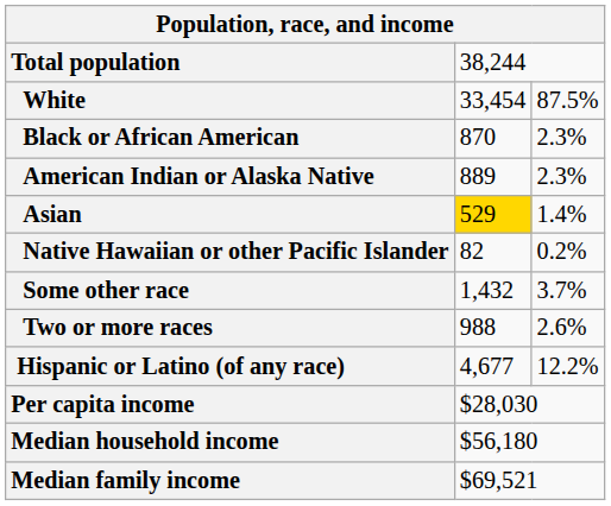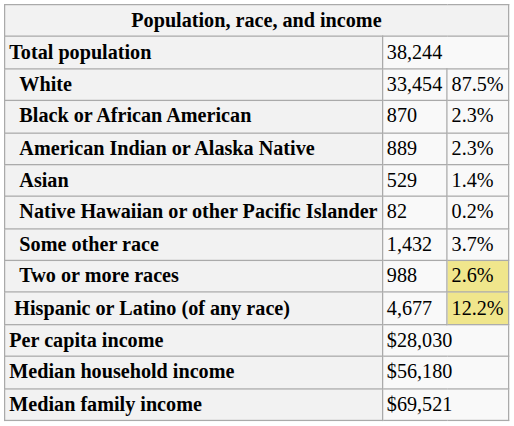 <table class="wikitable collapsible collapsed">
 <tr>
 <th colspan="6">Population, race, and income</th>
 </tr>
 <tr>
 <th scope="row" style="text-align: left;">Total population</th>
 <td colspan="2">38,244</td>
 </tr>
 <tr>
 <th scope="row" style="text-align: left;">  White</th>
 <td>33,454</td>
 <td>87.5%</td>
 </tr>
 <tr>
 <th scope="row" style="text-align: left;">  Black or African American</th>
 <td>870</td>
 <td>2.3%</td>
 </tr>
 <tr>
 <th scope="row" style="text-align: left;">  American Indian or Alaska Native</th>
 <td>889</td>
 <td>2.3%</td>
 </tr>
 <tr>
 <th scope="row" style="text-align: left;">  Asian</th>
-<td style="background: gold;">529</td>
+<td>529</td>
 <td>1.4%</td>
 </tr>
 <tr>
 <th scope="row" style="text-align: left;">  Native Hawaiian or other Pacific Islander</th>
 <td>82</td>
 <td>0.2%</td>
 </tr>
 <tr>
 <th scope="row" style="text-align: left;">  Some other race</th>
 <td>1,432</td>
 <td>3.7%</td>
 </tr>
 <tr>
 <th scope="row" style="text-align: left;">  Two or more races</th>
 <td>988</td>
-<td>2.6%</td>
+<td style="background: khaki;">2.6%</td>
 </tr>
 <tr>
 <th scope="row" style="text-align: left;"> Hispanic or Latino (of any race)</th>
 <td>4,677</td>
-<td>12.2%</td>
+<td style="background: khaki;">12.2%</td>
 </tr>
 <tr>
 <th scope="row" style="text-align: left;">Per capita income</th>
 <td colspan="2">$28,030</td>
 </tr>
 <tr>
 <th scope="row" style="text-align: left;">Median household income</th>
 <td colspan="2">$56,180</td>
 </tr>
 <tr>
 <th scope="row" style="text-align: left;">Median family income</th>
 <td colspan="2">$69,521</td>
 </tr>
 </table>
